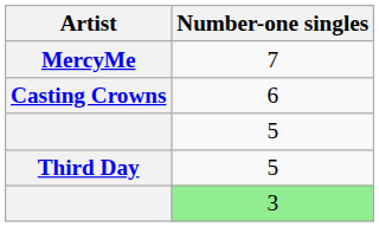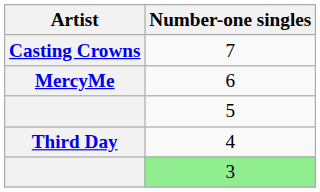 <table class="plainrowheaders wikitable sortable">
 <tr>
 <th scope="col">Artist</th>
 <th scope="col">Number-one singles</th>
 </tr>
 <tr>
-<th scope="row"><a href='#'>MercyMe</a></th>
+<th scope="row"><a href='#'>Casting Crowns</a></th>
 <td align="center">7</td>
 </tr>
 <tr>
-<th scope="row"><a href='#'>Casting Crowns</a></th>
+<th scope="row"><a href='#'>MercyMe</a></th>
 <td align="center">6</td>
 </tr>
 <tr>
 <th scope="row"></th>
 <td align="center">5</td>
 </tr>
 <tr>
 <th scope="row"><a href='#'>Third Day</a></th>
-<td align="center">5</td>
+<td align="center">4</td>
 </tr>
 <tr>
 <th scope="row"></th>
 <td align="center" style="background: lightgreen;">3</td>
 </tr>
 </table>
